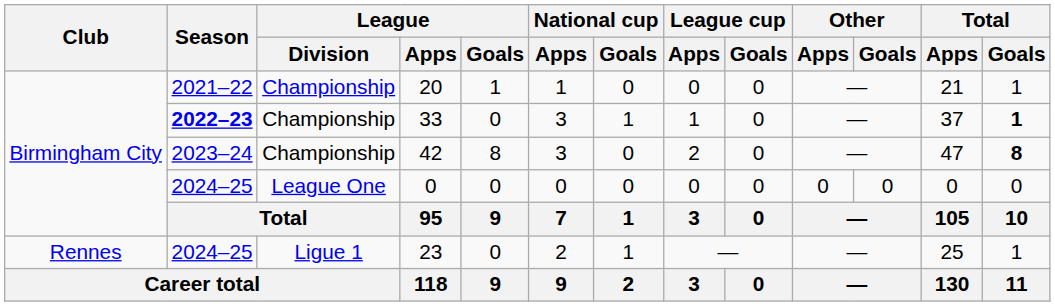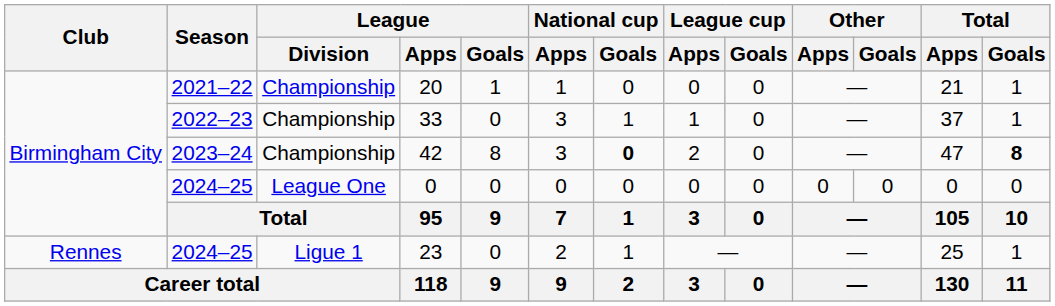 <table class="wikitable" style=text-align:center>
 <tr>
 <th rowspan="2">Club</th>
 <th rowspan="2">Season</th>
 <th colspan="3">League</th>
 <th colspan="2">National cup</th>
 <th colspan="2">League cup</th>
 <th colspan="2">Other</th>
 <th colspan="2">Total</th>
 </tr>
 <tr>
 <th>Division</th>
 <th>Apps</th>
 <th>Goals</th>
 <th>Apps</th>
 <th>Goals</th>
 <th>Apps</th>
 <th>Goals</th>
 <th>Apps</th>
 <th>Goals</th>
 <th>Apps</th>
 <th>Goals</th>
 </tr>
 <tr>
 <td rowspan="5"><a href='#'>Birmingham City</a></td>
 <td><a href='#'>2021–22</a></td>
 <td><a href='#'>Championship</a></td>
 <td>20</td>
 <td>1</td>
 <td>1</td>
 <td>0</td>
 <td>0</td>
 <td>0</td>
 <td colspan="2">—</td>
 <td>21</td>
 <td>1</td>
 </tr>
 <tr>
-<td><strong><a href='#'>2022–23</a></strong></td>
+<td><a href='#'>2022–23</a></td>
 <td>Championship</td>
 <td>33</td>
 <td>0</td>
 <td>3</td>
 <td>1</td>
 <td>1</td>
 <td>0</td>
 <td colspan=2>—</td>
 <td>37</td>
-<td><strong>1</strong></td>
+<td>1</td>
 </tr>
 <tr>
 <td><a href='#'>2023–24</a></td>
 <td>Championship</td>
 <td>42</td>
 <td>8</td>
 <td>3</td>
-<td>0</td>
+<td><strong>0</strong></td>
 <td>2</td>
 <td>0</td>
 <td colspan="2">—</td>
 <td>47</td>
 <td><strong>8</strong></td>
 </tr>
 <tr>
 <td><a href='#'>2024–25</a></td>
 <td><a href='#'>League One</a></td>
 <td>0</td>
 <td>0</td>
 <td>0</td>
 <td>0</td>
 <td>0</td>
 <td>0</td>
 <td>0</td>
 <td>0</td>
 <td>0</td>
 <td>0</td>
 </tr>
 <tr>
 <th colspan="2">Total</th>
 <th>95</th>
 <th>9</th>
 <th>7</th>
 <th>1</th>
 <th>3</th>
 <th>0</th>
 <th colspan="2">—</th>
 <th>105</th>
 <th>10</th>
 </tr>
 <tr>
 <td><a href='#'>Rennes</a></td>
 <td><a href='#'>2024–25</a></td>
 <td><a href='#'>Ligue 1</a></td>
 <td>23</td>
 <td>0</td>
 <td>2</td>
 <td>1</td>
 <td colspan="2">—</td>
 <td colspan="2">—</td>
 <td>25</td>
 <td>1</td>
 </tr>
 <tr>
 <th colspan="3">Career total</th>
 <th>118</th>
 <th>9</th>
 <th>9</th>
 <th>2</th>
 <th>3</th>
 <th>0</th>
 <th colspan="2">—</th>
 <th>130</th>
 <th>11</th>
 </tr>
 </table>
